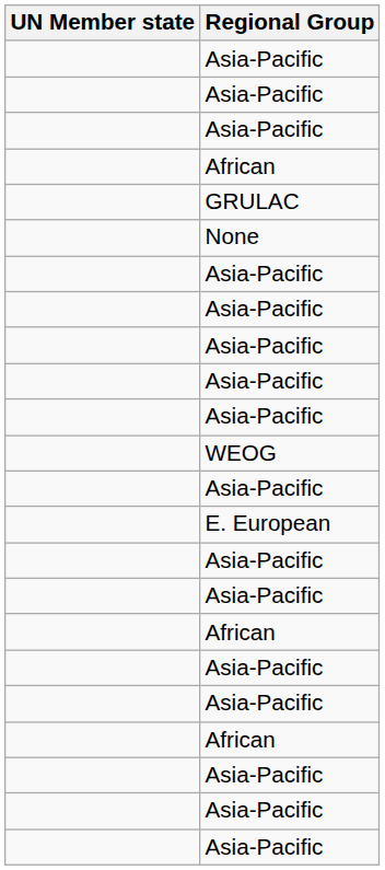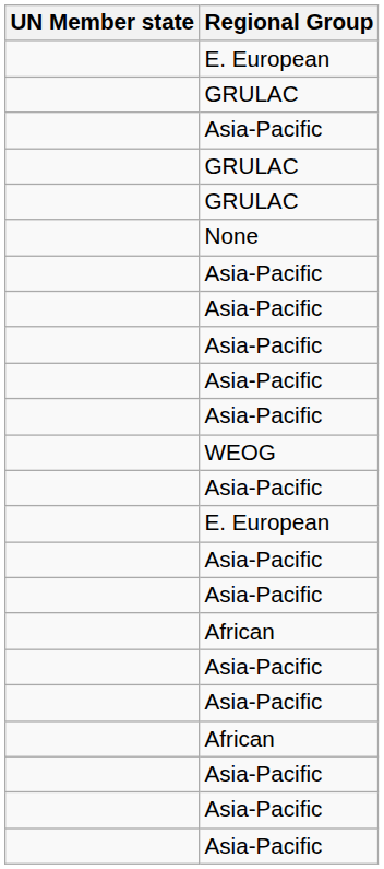 <table class="sortable wikitable">
 <tr>
 <th>UN Member state</th>
 <th>Regional Group</th>
 </tr>
 <tr>
 <td></td>
-<td>Asia-Pacific</td>
+<td>E. European</td>
+</tr>
+<tr>
+<td></td>
+<td>GRULAC</td>
 </tr>
 <tr>
 <td></td>
 <td>Asia-Pacific</td>
 </tr>
 <tr>
 <td></td>
-<td>Asia-Pacific</td>
-</tr>
-<tr>
-<td></td>
-<td>African</td>
+<td>GRULAC</td>
 </tr>
 <tr>
 <td></td>
 <td>GRULAC</td>
 </tr>
 <tr>
 <td></td>
 <td>None</td>
 </tr>
 <tr>
 <td></td>
 <td>Asia-Pacific</td>
 </tr>
 <tr>
 <td></td>
 <td>Asia-Pacific</td>
 </tr>
 <tr>
 <td></td>
 <td>Asia-Pacific</td>
 </tr>
 <tr>
 <td></td>
 <td>Asia-Pacific</td>
 </tr>
 <tr>
 <td></td>
 <td>Asia-Pacific</td>
 </tr>
 <tr>
 <td></td>
 <td>WEOG</td>
 </tr>
 <tr>
 <td></td>
 <td>Asia-Pacific</td>
 </tr>
 <tr>
 <td></td>
 <td>E. European</td>
 </tr>
 <tr>
 <td></td>
 <td>Asia-Pacific</td>
 </tr>
 <tr>
 <td></td>
 <td>Asia-Pacific</td>
 </tr>
 <tr>
 <td></td>
 <td>African</td>
 </tr>
 <tr>
 <td></td>
 <td>Asia-Pacific</td>
 </tr>
 <tr>
 <td></td>
 <td>Asia-Pacific</td>
 </tr>
 <tr>
 <td></td>
 <td>African</td>
 </tr>
 <tr>
 <td></td>
 <td>Asia-Pacific</td>
 </tr>
 <tr>
 <td></td>
 <td>Asia-Pacific</td>
 </tr>
 <tr>
 <td></td>
 <td>Asia-Pacific</td>
 </tr>
 </table>
